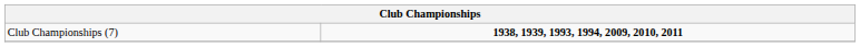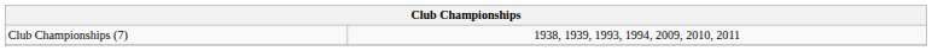 <table class="wikitable" width="55%" style="font-size:90%">
 <tr style="background:#efefef">
 <th colspan=11>Club Championships</th>
 </tr>
 <tr>
 <td>Club Championships (7)</td>
-<td align="center"><strong>1938, 1939, 1993, 1994, 2009, 2010, 2011</strong></td>
+<td align="center">1938, 1939, 1993, 1994, 2009, 2010, 2011</td>
 </tr>
 <tr>
 </tr>
 </table>
